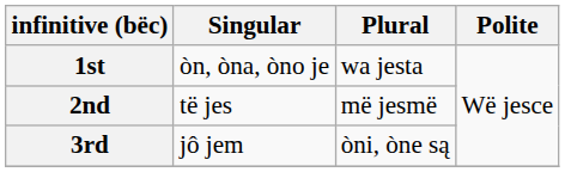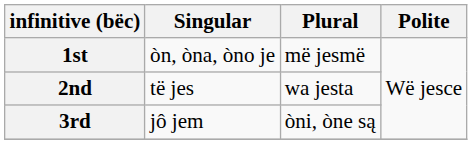 <table class="wikitable">
 <tr>
 <th>infinitive (bëc)</th>
 <th>Singular</th>
 <th>Plural</th>
 <th>Polite</th>
 </tr>
 <tr>
 <th>1st</th>
 <td>òn, òna, òno je</td>
-<td>wa jesta</td>
+<td>më jesmë</td>
 <td rowspan="3">Wë  jesce</td>
 </tr>
 <tr>
 <th>2nd</th>
 <td>të jes</td>
-<td>më jesmë</td>
+<td>wa jesta</td>
 </tr>
 <tr>
 <th>3rd</th>
 <td>jô jem</td>
 <td>òni, òne są</td>
 </tr>
 <tr>
 </tr>
 </table>
